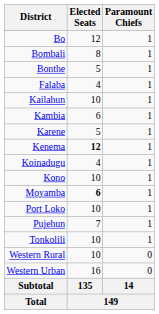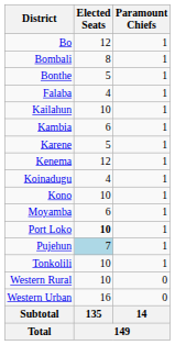 <table class="wikitable sortable" style="text-align:right">
 <tr>
 <th>District</th>
 <th>Elected<br>Seats</th>
 <th>Paramount<br>Chiefs</th>
 </tr>
 <tr>
 <td><a href='#'>Bo</a></td>
 <td>12</td>
 <td>1</td>
 </tr>
 <tr>
 <td><a href='#'>Bombali</a></td>
 <td>8</td>
 <td>1</td>
 </tr>
 <tr>
 <td><a href='#'>Bonthe</a></td>
 <td>5</td>
 <td>1</td>
 </tr>
 <tr>
 <td><a href='#'>Falaba</a></td>
 <td>4</td>
 <td>1</td>
 </tr>
 <tr>
 <td><a href='#'>Kailahun</a></td>
 <td>10</td>
 <td>1</td>
 </tr>
 <tr>
 <td><a href='#'>Kambia</a></td>
 <td>6</td>
 <td>1</td>
 </tr>
 <tr>
 <td><a href='#'>Karene</a></td>
 <td>5</td>
 <td>1</td>
 </tr>
 <tr>
 <td><a href='#'>Kenema</a></td>
-<td><strong>12</strong></td>
+<td>12</td>
 <td>1</td>
 </tr>
 <tr>
 <td><a href='#'>Koinadugu</a></td>
 <td>4</td>
 <td>1</td>
 </tr>
 <tr>
 <td><a href='#'>Kono</a></td>
 <td>10</td>
 <td>1</td>
 </tr>
 <tr>
 <td><a href='#'>Moyamba</a></td>
-<td><strong>6</strong></td>
+<td>6</td>
 <td>1</td>
 </tr>
 <tr>
 <td><a href='#'>Port Loko</a></td>
-<td>10</td>
+<td><strong>10</strong></td>
 <td>1</td>
 </tr>
 <tr>
 <td><a href='#'>Pujehun</a></td>
-<td>7</td>
+<td style="background: lightblue;">7</td>
 <td>1</td>
 </tr>
 <tr>
 <td><a href='#'>Tonkolili</a></td>
 <td>10</td>
 <td>1</td>
 </tr>
 <tr>
 <td><a href='#'>Western Rural</a></td>
 <td>10</td>
 <td>0</td>
 </tr>
 <tr>
 <td><a href='#'>Western Urban</a></td>
 <td>16</td>
 <td>0</td>
 </tr>
 <tr>
 <th>Subtotal</th>
 <th>135</th>
 <th>14</th>
 </tr>
 <tr>
 <th>Total</th>
 <th colspan="2">149</th>
 </tr>
 </table>
